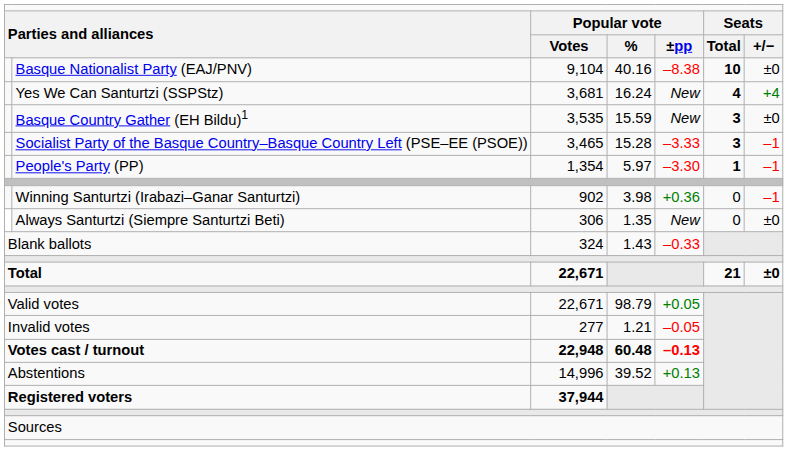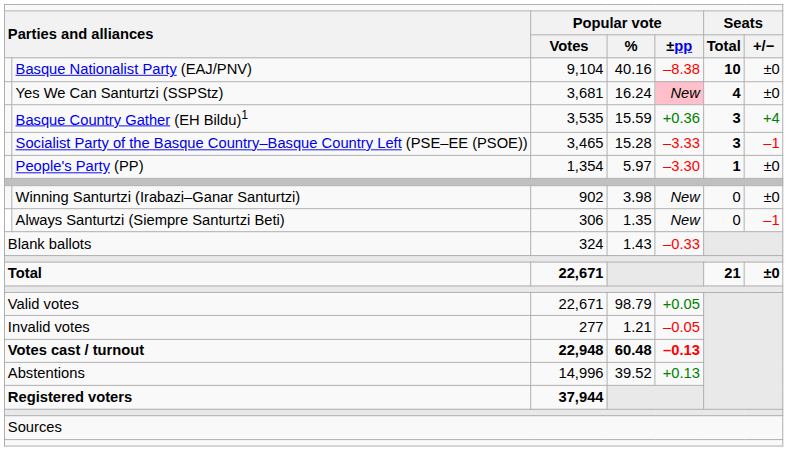 <table class="wikitable" style="text-align:right;">
 <tr>
 <td colspan="7"></td>
 </tr>
 <tr>
 <th style="text-align:left;" rowspan="2" colspan="2" width="525">Parties and alliances</th>
 <th colspan="3">Popular vote</th>
 <th colspan="2">Seats</th>
 </tr>
 <tr>
 <th width="75">Votes</th>
 <th width="45">%</th>
 <th width="45">±<a href='#'>pp</a></th>
 <th width="35">Total</th>
 <th width="35">+/−</th>
 </tr>
 <tr>
 <td width="1" style="color:inherit;background:"></td>
 <td align="left"><a href='#'>Basque Nationalist Party</a> (EAJ/PNV)</td>
 <td>9,104</td>
 <td>40.16</td>
 <td style="color:red;">–8.38</td>
 <td><strong>10</strong></td>
 <td>±0</td>
 </tr>
 <tr>
 <td style="color:inherit;background:"></td>
 <td align="left">Yes We Can Santurtzi (SSPStz)</td>
 <td>3,681</td>
 <td>16.24</td>
-<td><em>New</em></td>
+<td style="background: pink;"><em>New</em></td>
 <td><strong>4</strong></td>
-<td style="color:green;">+4</td>
+<td>±0</td>
 </tr>
 <tr>
 <td style="color:inherit;background:"></td>
 <td align="left"><a href='#'>Basque Country Gather</a> (EH Bildu)<sup>1</sup></td>
 <td>3,535</td>
 <td>15.59</td>
-<td><em>New</em></td>
+<td style="color:green;">+0.36</td>
 <td><strong>3</strong></td>
-<td>±0</td>
+<td style="color:green;">+4</td>
 </tr>
 <tr>
 <td style="color:inherit;background:"></td>
 <td align="left"><a href='#'>Socialist Party of the Basque Country–Basque Country Left</a> (PSE–EE (PSOE))</td>
 <td>3,465</td>
 <td>15.28</td>
 <td style="color:red;">–3.33</td>
 <td><strong>3</strong></td>
 <td style="color:red;">–1</td>
 </tr>
 <tr>
 <td style="color:inherit;background:"></td>
 <td align="left"><a href='#'>People's Party</a> (PP)</td>
 <td>1,354</td>
 <td>5.97</td>
 <td style="color:red;">–3.30</td>
 <td><strong>1</strong></td>
-<td style="color:red;">–1</td>
+<td>±0</td>
 </tr>
 <tr>
 <td colspan="7" bgcolor="#C0C0C0"></td>
 </tr>
 <tr>
 <td style="color:inherit;background:"></td>
 <td align="left">Winning Santurtzi (Irabazi–Ganar Santurtzi)</td>
 <td>902</td>
 <td>3.98</td>
-<td style="color:green;">+0.36</td>
+<td><em>New</em></td>
 <td>0</td>
-<td style="color:red;">–1</td>
+<td>±0</td>
 </tr>
 <tr>
 <td bgcolor="white"></td>
 <td align="left">Always Santurtzi (Siempre Santurtzi Beti)</td>
 <td>306</td>
 <td>1.35</td>
 <td><em>New</em></td>
 <td>0</td>
-<td>±0</td>
+<td style="color:red;">–1</td>
 </tr>
 <tr>
 <td align="left" colspan="2">Blank ballots</td>
 <td>324</td>
 <td>1.43</td>
 <td style="color:red;">–0.33</td>
 <td bgcolor="#E9E9E9" colspan="2"></td>
 </tr>
 <tr>
 <td colspan="7" bgcolor="#E9E9E9"></td>
 </tr>
 <tr style="font-weight:bold;">
 <td align="left" colspan="2">Total</td>
 <td>22,671</td>
 <td bgcolor="#E9E9E9" colspan="2"></td>
 <td>21</td>
 <td>±0</td>
 </tr>
 <tr>
 <td colspan="7" bgcolor="#E9E9E9"></td>
 </tr>
 <tr>
 <td align="left" colspan="2">Valid votes</td>
 <td>22,671</td>
 <td>98.79</td>
 <td style="color:green;">+0.05</td>
 <td bgcolor="#E9E9E9" colspan="2" rowspan="5"></td>
 </tr>
 <tr>
 <td align="left" colspan="2">Invalid votes</td>
 <td>277</td>
 <td>1.21</td>
 <td style="color:red;">–0.05</td>
 </tr>
 <tr style="font-weight:bold;">
 <td align="left" colspan="2">Votes cast / turnout</td>
 <td>22,948</td>
 <td>60.48</td>
 <td style="color:red;">–0.13</td>
 </tr>
 <tr>
 <td align="left" colspan="2">Abstentions</td>
 <td>14,996</td>
 <td>39.52</td>
 <td style="color:green;">+0.13</td>
 </tr>
 <tr style="font-weight:bold;">
 <td align="left" colspan="2">Registered voters</td>
 <td>37,944</td>
 <td bgcolor="#E9E9E9" colspan="2"></td>
 </tr>
 <tr>
 <td colspan="7" bgcolor="#E9E9E9"></td>
 </tr>
 <tr>
 <td align="left" colspan="7">Sources</td>
 </tr>
 <tr>
 <td colspan="7" style="text-align:left; max-width:790px;"></td>
 </tr>
 </table>
